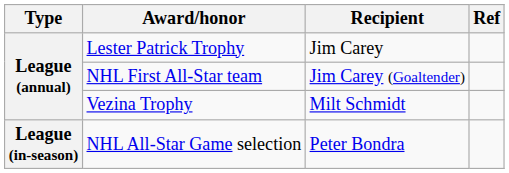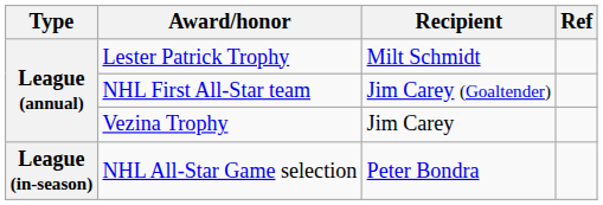 <table class="wikitable">
 <tr>
 <th scope="col">Type</th>
 <th scope="col">Award/honor</th>
 <th scope="col">Recipient</th>
 <th scope="col">Ref</th>
 </tr>
 <tr>
 <th scope="row" rowspan="3">League<br><small>(annual)</small></th>
 <td><a href='#'>Lester Patrick Trophy</a></td>
-<td>Jim Carey</td>
+<td><a href='#'>Milt Schmidt</a></td>
 <td></td>
 </tr>
 <tr>
 <td><a href='#'>NHL First All-Star team</a></td>
 <td><a href='#'>Jim Carey</a> <small>(<a href='#'>Goaltender</a>)</small></td>
 <td></td>
 </tr>
 <tr>
 <td><a href='#'>Vezina Trophy</a></td>
-<td><a href='#'>Milt Schmidt</a></td>
+<td>Jim Carey</td>
 <td></td>
 </tr>
 <tr>
 <th scope="row">League<br><small>(in-season)</small></th>
 <td><a href='#'>NHL All-Star Game</a> selection</td>
 <td><a href='#'>Peter Bondra</a></td>
 <td></td>
 </tr>
 </table>
